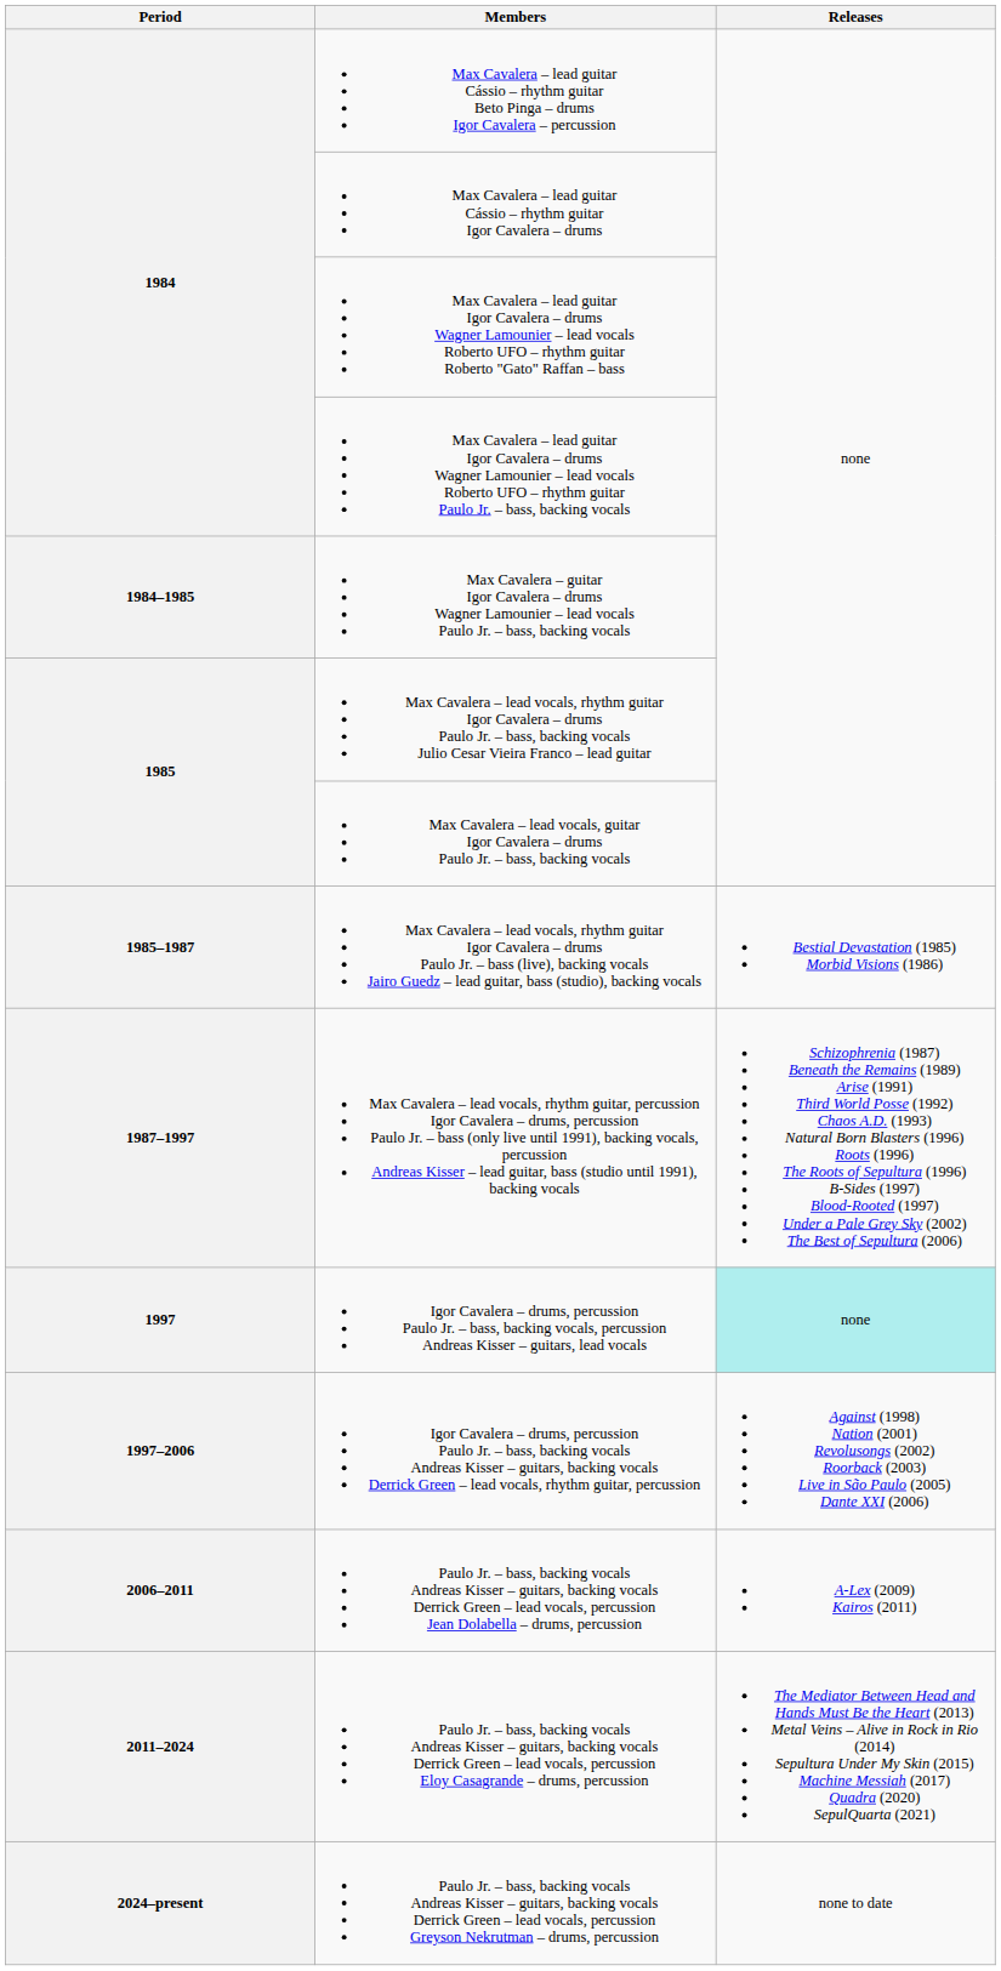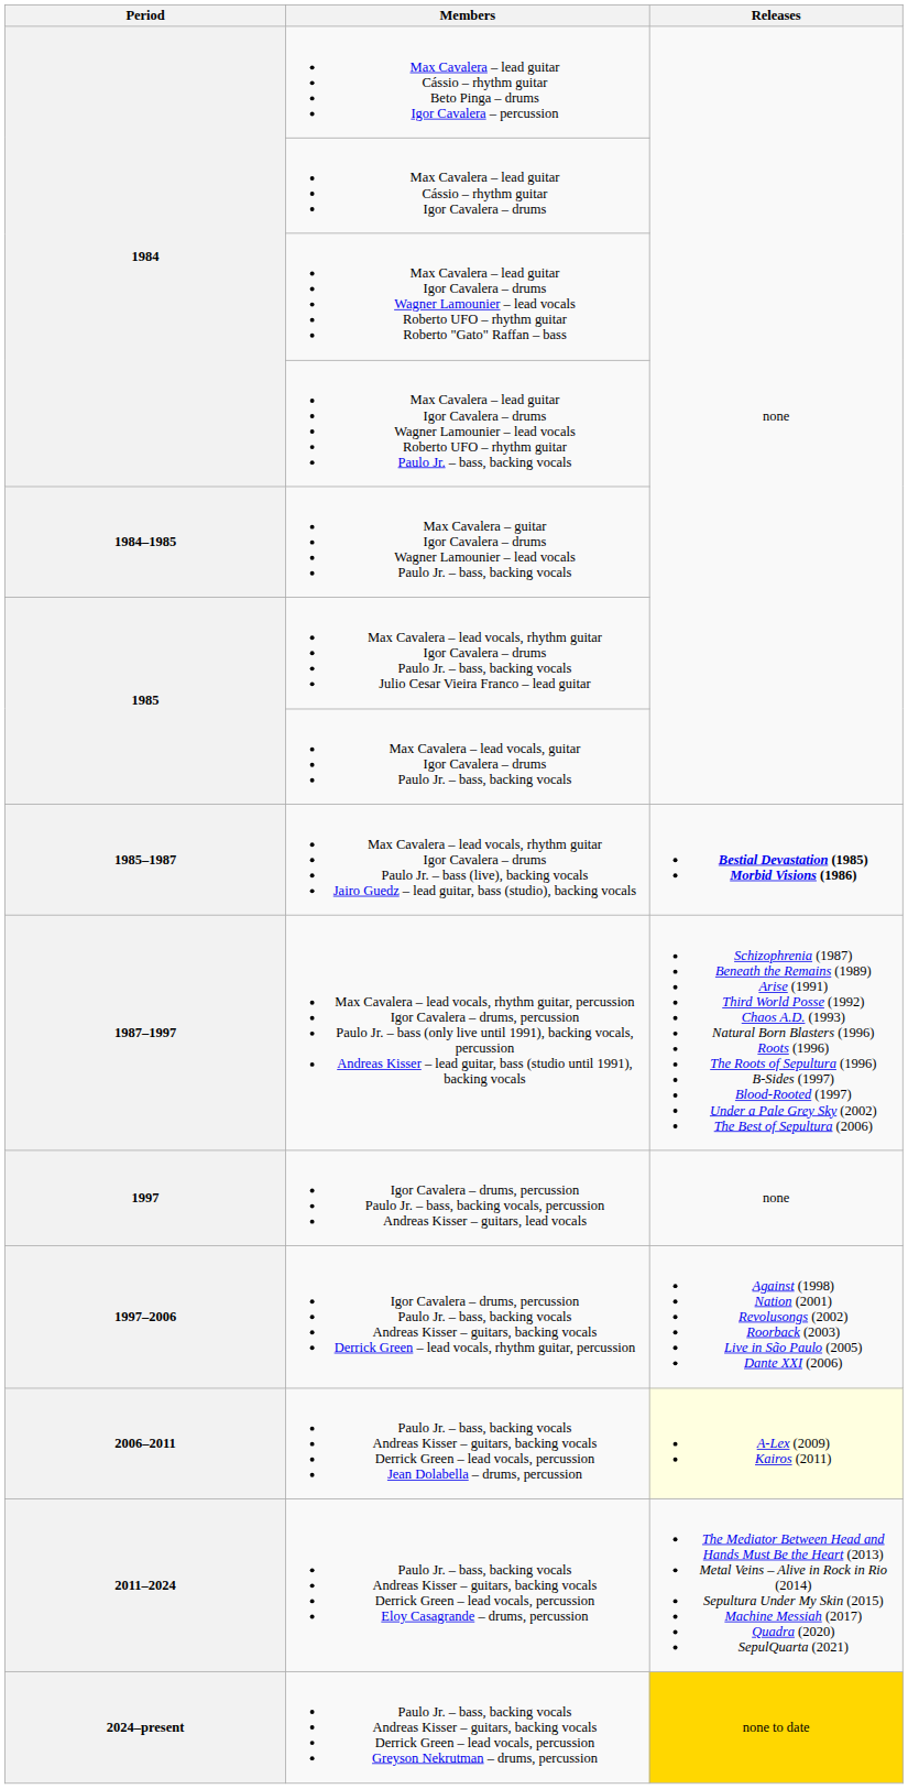 <table class="wikitable plainrowheaders" style="text-align:center;">
 <tr>
 <th scope="col" style="width:20em;">Period</th>
 <th scope="col" style="width:26em;">Members</th>
 <th scope="col" style="width:18em;">Releases</th>
 </tr>
 <tr>
 <th rowspan="4">1984</th>
 <td><br><ul><li><a href='#'>Max Cavalera</a> – lead guitar</li><li>Cássio – rhythm guitar</li><li>Beto Pinga – drums</li><li><a href='#'>Igor Cavalera</a> – percussion</li></ul></td>
 <td rowspan="7">none</td>
 </tr>
 <tr>
 <td><br><ul><li>Max Cavalera – lead guitar</li><li>Cássio – rhythm guitar</li><li>Igor Cavalera – drums</li></ul></td>
 </tr>
 <tr>
 <td><br><ul><li>Max Cavalera – lead guitar</li><li>Igor Cavalera – drums</li><li><a href='#'>Wagner Lamounier</a> – lead vocals</li><li>Roberto UFO – rhythm guitar</li><li>Roberto "Gato" Raffan – bass</li></ul></td>
 </tr>
 <tr>
 <td><br><ul><li>Max Cavalera – lead guitar</li><li>Igor Cavalera – drums</li><li>Wagner Lamounier – lead vocals</li><li>Roberto UFO – rhythm guitar</li><li><a href='#'>Paulo Jr.</a> – bass, backing vocals</li></ul></td>
 </tr>
 <tr>
 <th>1984–1985</th>
 <td><br><ul><li>Max Cavalera – guitar</li><li>Igor Cavalera – drums</li><li>Wagner Lamounier – lead vocals</li><li>Paulo Jr. – bass, backing vocals</li></ul></td>
 </tr>
 <tr>
 <th rowspan="2">1985</th>
 <td><br><ul><li>Max Cavalera – lead vocals, rhythm guitar</li><li>Igor Cavalera – drums</li><li>Paulo Jr. – bass, backing vocals</li><li>Julio Cesar Vieira Franco – lead guitar</li></ul></td>
 </tr>
 <tr>
 <td><br><ul><li>Max Cavalera – lead vocals, guitar</li><li>Igor Cavalera – drums</li><li>Paulo Jr. – bass, backing vocals</li></ul></td>
 </tr>
 <tr>
 <th>1985–1987</th>
 <td><br><ul><li>Max Cavalera – lead vocals, rhythm guitar</li><li>Igor Cavalera – drums</li><li>Paulo Jr. – bass (live), backing vocals</li><li><a href='#'>Jairo Guedz</a> – lead guitar, bass (studio), backing vocals</li></ul></td>
-<td><br><ul><li><em><a href='#'>Bestial Devastation</a></em> (1985)</li><li><em><a href='#'>Morbid Visions</a></em> (1986)</li></ul></td>
+<td><strong><br><ul><li><em><a href='#'>Bestial Devastation</a></em> (1985)</li><li><em><a href='#'>Morbid Visions</a></em> (1986)</li></ul></strong></td>
 </tr>
 <tr>
 <th>1987–1997</th>
 <td><br><ul><li>Max Cavalera – lead vocals, rhythm guitar, percussion</li><li>Igor Cavalera – drums, percussion</li><li>Paulo Jr. – bass (only live until 1991), backing vocals, percussion</li><li><a href='#'>Andreas Kisser</a> – lead guitar, bass (studio until 1991), backing vocals</li></ul></td>
 <td><br><ul><li><em><a href='#'>Schizophrenia</a></em> (1987)</li><li><em><a href='#'>Beneath the Remains</a></em> (1989)</li><li><em><a href='#'>Arise</a></em> (1991)</li><li><em><a href='#'>Third World Posse</a></em> (1992)</li><li><em><a href='#'>Chaos A.D.</a></em> (1993)</li><li><em>Natural Born Blasters</em> (1996)</li><li><em><a href='#'>Roots</a></em> (1996)</li><li><em><a href='#'>The Roots of Sepultura</a></em> (1996)</li><li><em>B-Sides</em> (1997)</li><li><em><a href='#'>Blood-Rooted</a></em> (1997)</li><li><em><a href='#'>Under a Pale Grey Sky</a></em> (2002)</li><li><em><a href='#'>The Best of Sepultura</a></em> (2006)</li></ul></td>
 </tr>
 <tr>
 <th>1997</th>
 <td><br><ul><li>Igor Cavalera – drums, percussion</li><li>Paulo Jr. – bass, backing vocals, percussion</li><li>Andreas Kisser – guitars, lead vocals</li></ul></td>
-<td style="background: paleturquoise;">none </td>
+<td>none </td>
 </tr>
 <tr>
 <th>1997–2006</th>
 <td><br><ul><li>Igor Cavalera – drums, percussion</li><li>Paulo Jr. – bass, backing vocals</li><li>Andreas Kisser – guitars, backing vocals</li><li><a href='#'>Derrick Green</a> – lead vocals, rhythm guitar, percussion</li></ul></td>
 <td><br><ul><li><em><a href='#'>Against</a></em> (1998)</li><li><em><a href='#'>Nation</a></em> (2001)</li><li><em><a href='#'>Revolusongs</a></em> (2002)</li><li><em><a href='#'>Roorback</a></em> (2003)</li><li><em><a href='#'>Live in São Paulo</a></em> (2005)</li><li><em><a href='#'>Dante XXI</a></em> (2006)</li></ul></td>
 </tr>
 <tr>
 <th>2006–2011</th>
 <td><br><ul><li>Paulo Jr. – bass, backing vocals</li><li>Andreas Kisser – guitars, backing vocals</li><li>Derrick Green – lead vocals, percussion</li><li><a href='#'>Jean Dolabella</a> – drums, percussion</li></ul></td>
-<td><br><ul><li><em><a href='#'>A-Lex</a></em> (2009)</li><li><em><a href='#'>Kairos</a></em> (2011)</li></ul></td>
+<td style="background: lightyellow;"><br><ul><li><em><a href='#'>A-Lex</a></em> (2009)</li><li><em><a href='#'>Kairos</a></em> (2011)</li></ul></td>
 </tr>
 <tr>
 <th>2011–2024</th>
 <td><br><ul><li>Paulo Jr. – bass, backing vocals</li><li>Andreas Kisser – guitars, backing vocals</li><li>Derrick Green – lead vocals, percussion</li><li><a href='#'>Eloy Casagrande</a> – drums, percussion</li></ul></td>
 <td><br><ul><li><em><a href='#'>The Mediator Between Head and Hands Must Be the Heart</a></em> (2013)</li><li><em>Metal Veins – Alive in Rock in Rio</em> (2014)</li><li><em>Sepultura Under My Skin</em> (2015)</li><li><em><a href='#'>Machine Messiah</a></em> (2017)</li><li><em><a href='#'>Quadra</a></em> (2020)</li><li><em>SepulQuarta</em> (2021)</li></ul></td>
 </tr>
 <tr>
 <th>2024–present</th>
 <td><br><ul><li>Paulo Jr. – bass, backing vocals</li><li>Andreas Kisser – guitars, backing vocals</li><li>Derrick Green – lead vocals, percussion</li><li><a href='#'>Greyson Nekrutman</a> – drums, percussion</li></ul></td>
-<td>none to date</td>
+<td style="background: gold;">none to date</td>
 </tr>
 </table>
